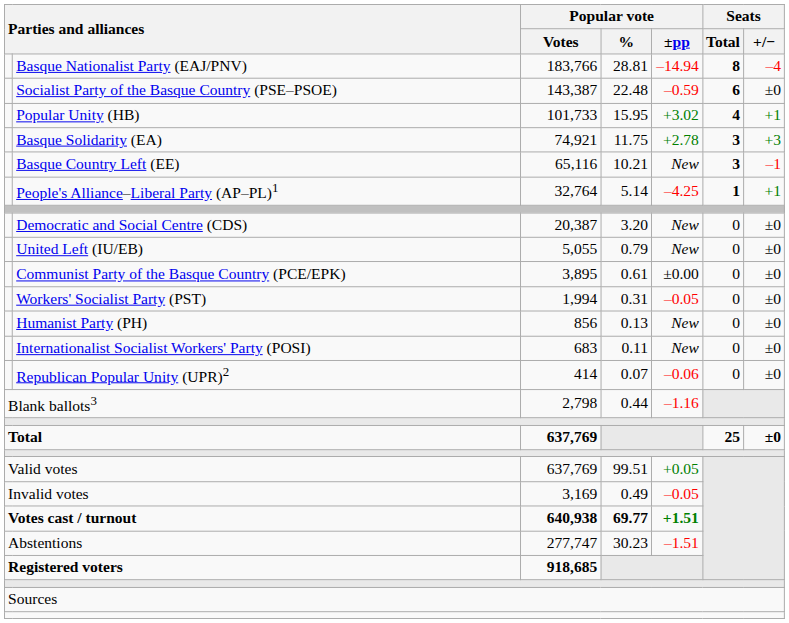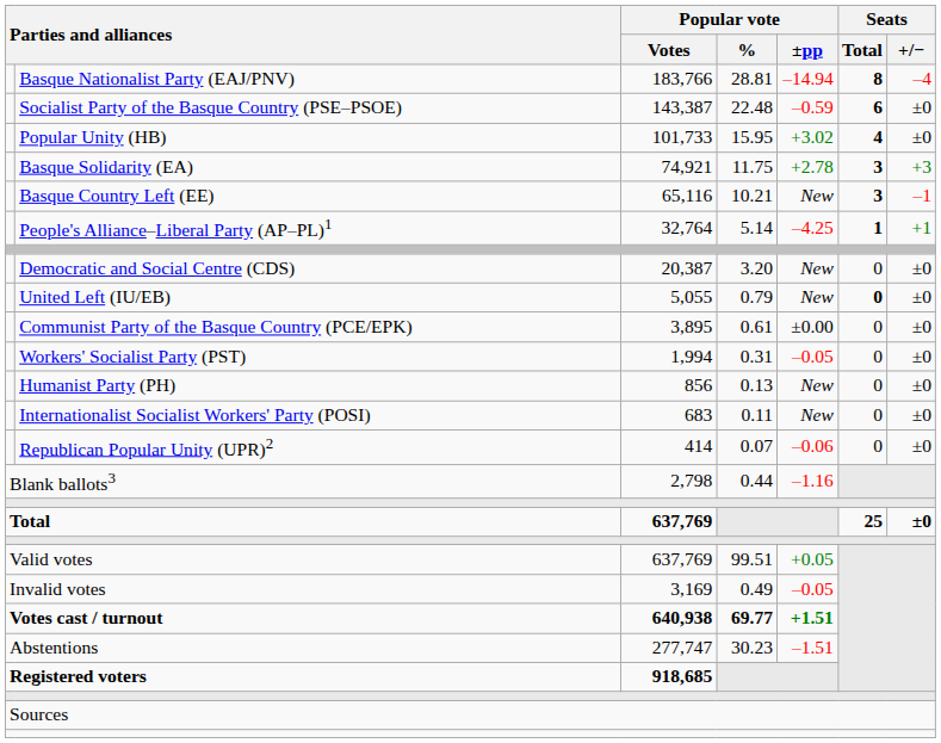 <table class="wikitable" style="text-align:right;">
 <tr>
 <th style="text-align:left;" rowspan="2" colspan="2" width="525">Parties and alliances</th>
 <th colspan="3">Popular vote</th>
 <th colspan="2">Seats</th>
 </tr>
 <tr>
 <th width="75">Votes</th>
 <th width="45">%</th>
 <th width="45">±<a href='#'>pp</a></th>
 <th width="35">Total</th>
 <th width="35">+/−</th>
 </tr>
 <tr>
 <td width="1" style="color:inherit;background:"></td>
 <td align="left"><a href='#'>Basque Nationalist Party</a> (EAJ/PNV)</td>
 <td>183,766</td>
 <td>28.81</td>
 <td style="color:red;">–14.94</td>
 <td><strong>8</strong></td>
 <td style="color:red;">–4</td>
 </tr>
 <tr>
 <td style="color:inherit;background:"></td>
 <td align="left"><a href='#'>Socialist Party of the Basque Country</a> (PSE–PSOE)</td>
 <td>143,387</td>
 <td>22.48</td>
 <td style="color:red;">–0.59</td>
 <td><strong>6</strong></td>
 <td>±0</td>
 </tr>
 <tr>
 <td style="color:inherit;background:"></td>
 <td align="left"><a href='#'>Popular Unity</a> (HB)</td>
 <td>101,733</td>
 <td>15.95</td>
 <td style="color:green;">+3.02</td>
 <td><strong>4</strong></td>
-<td style="color:green;">+1</td>
+<td>±0</td>
 </tr>
 <tr>
 <td style="color:inherit;background:"></td>
 <td align="left"><a href='#'>Basque Solidarity</a> (EA)</td>
 <td>74,921</td>
 <td>11.75</td>
 <td style="color:green;">+2.78</td>
 <td><strong>3</strong></td>
 <td style="color:green;">+3</td>
 </tr>
 <tr>
 <td style="color:inherit;background:"></td>
 <td align="left"><a href='#'>Basque Country Left</a> (EE)</td>
 <td>65,116</td>
 <td>10.21</td>
 <td><em>New</em></td>
 <td><strong>3</strong></td>
 <td style="color:red;">–1</td>
 </tr>
 <tr>
 <td style="color:inherit;background:"></td>
 <td align="left"><a href='#'>People's Alliance</a>–<a href='#'>Liberal Party</a> (AP–PL)<sup>1</sup></td>
 <td>32,764</td>
 <td>5.14</td>
 <td style="color:red;">–4.25</td>
 <td><strong>1</strong></td>
 <td style="color:green;">+1</td>
 </tr>
 <tr>
 <td colspan="7" bgcolor="#C0C0C0"></td>
 </tr>
 <tr>
 <td style="color:inherit;background:"></td>
 <td align="left"><a href='#'>Democratic and Social Centre</a> (CDS)</td>
 <td>20,387</td>
 <td>3.20</td>
 <td><em>New</em></td>
 <td>0</td>
 <td>±0</td>
 </tr>
 <tr>
 <td style="color:inherit;background:"></td>
 <td align="left"><a href='#'>United Left</a> (IU/EB)</td>
 <td>5,055</td>
 <td>0.79</td>
 <td><em>New</em></td>
-<td>0</td>
+<td><strong>0</strong></td>
 <td>±0</td>
 </tr>
 <tr>
 <td style="color:inherit;background:"></td>
 <td align="left"><a href='#'>Communist Party of the Basque Country</a> (PCE/EPK)</td>
 <td>3,895</td>
 <td>0.61</td>
 <td>±0.00</td>
 <td>0</td>
 <td>±0</td>
 </tr>
 <tr>
 <td style="color:inherit;background:"></td>
 <td align="left"><a href='#'>Workers' Socialist Party</a> (PST)</td>
 <td>1,994</td>
 <td>0.31</td>
 <td style="color:red;">–0.05</td>
 <td>0</td>
 <td>±0</td>
 </tr>
 <tr>
 <td style="color:inherit;background:"></td>
 <td align="left"><a href='#'>Humanist Party</a> (PH)</td>
 <td>856</td>
 <td>0.13</td>
 <td><em>New</em></td>
 <td>0</td>
 <td>±0</td>
 </tr>
 <tr>
 <td style="color:inherit;background:"></td>
 <td align="left"><a href='#'>Internationalist Socialist Workers' Party</a> (POSI)</td>
 <td>683</td>
 <td>0.11</td>
 <td><em>New</em></td>
 <td>0</td>
 <td>±0</td>
 </tr>
 <tr>
 <td style="color:inherit;background:"></td>
 <td align="left"><a href='#'>Republican Popular Unity</a> (UPR)<sup>2</sup></td>
 <td>414</td>
 <td>0.07</td>
 <td style="color:red;">–0.06</td>
 <td>0</td>
 <td>±0</td>
 </tr>
 <tr>
 <td align="left" colspan="2">Blank ballots<sup>3</sup></td>
 <td>2,798</td>
 <td>0.44</td>
 <td style="color:red;">–1.16</td>
 <td bgcolor="#E9E9E9" colspan="2"></td>
 </tr>
 <tr>
 <td colspan="7" bgcolor="#E9E9E9"></td>
 </tr>
 <tr style="font-weight:bold;">
 <td align="left" colspan="2">Total</td>
 <td>637,769</td>
 <td bgcolor="#E9E9E9" colspan="2"></td>
 <td>25</td>
 <td>±0</td>
 </tr>
 <tr>
 <td colspan="7" bgcolor="#E9E9E9"></td>
 </tr>
 <tr>
 <td align="left" colspan="2">Valid votes</td>
 <td>637,769</td>
 <td>99.51</td>
 <td style="color:green;">+0.05</td>
 <td bgcolor="#E9E9E9" colspan="2" rowspan="5"></td>
 </tr>
 <tr>
 <td align="left" colspan="2">Invalid votes</td>
 <td>3,169</td>
 <td>0.49</td>
 <td style="color:red;">–0.05</td>
 </tr>
 <tr style="font-weight:bold;">
 <td align="left" colspan="2">Votes cast / turnout</td>
 <td>640,938</td>
 <td>69.77</td>
 <td style="color:green;">+1.51</td>
 </tr>
 <tr>
 <td align="left" colspan="2">Abstentions</td>
 <td>277,747</td>
 <td>30.23</td>
 <td style="color:red;">–1.51</td>
 </tr>
 <tr style="font-weight:bold;">
 <td align="left" colspan="2">Registered voters</td>
 <td>918,685</td>
 <td bgcolor="#E9E9E9" colspan="2"></td>
 </tr>
 <tr>
 <td colspan="7" bgcolor="#E9E9E9"></td>
 </tr>
 <tr>
 <td align="left" colspan="7">Sources</td>
 </tr>
 <tr>
 <td colspan="7" style="text-align:left; max-width:790px;"></td>
 </tr>
 </table>
